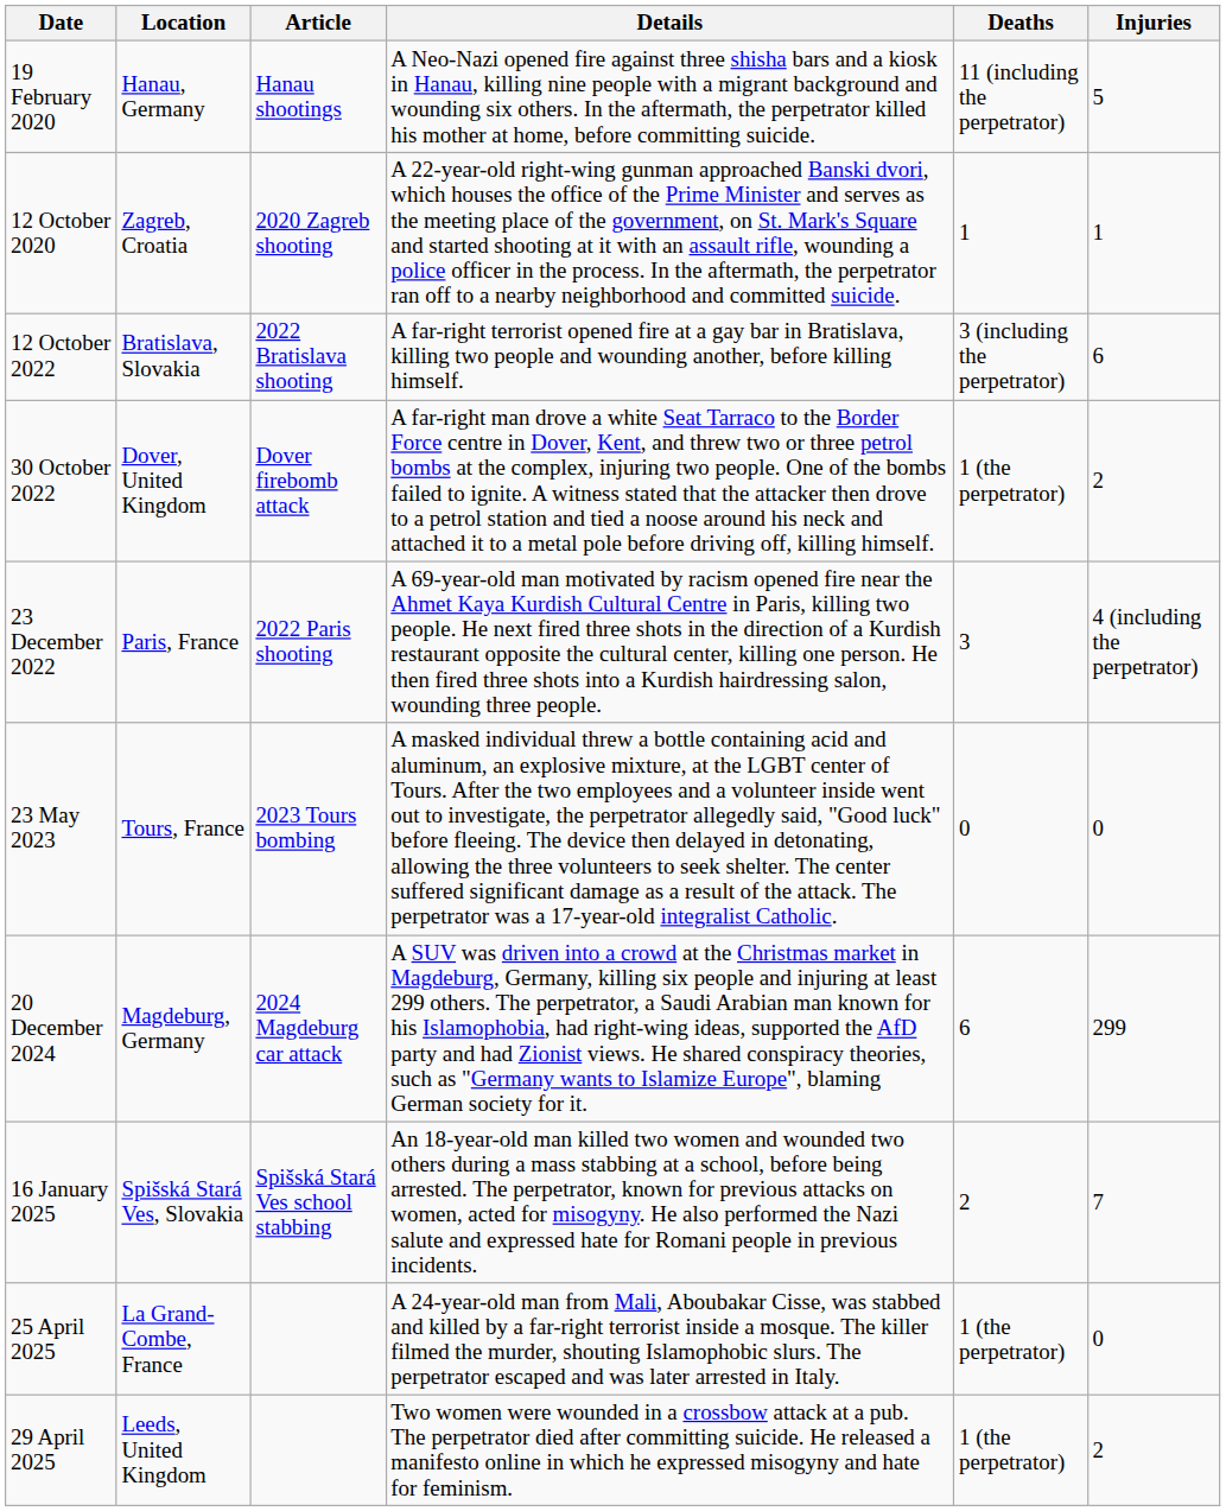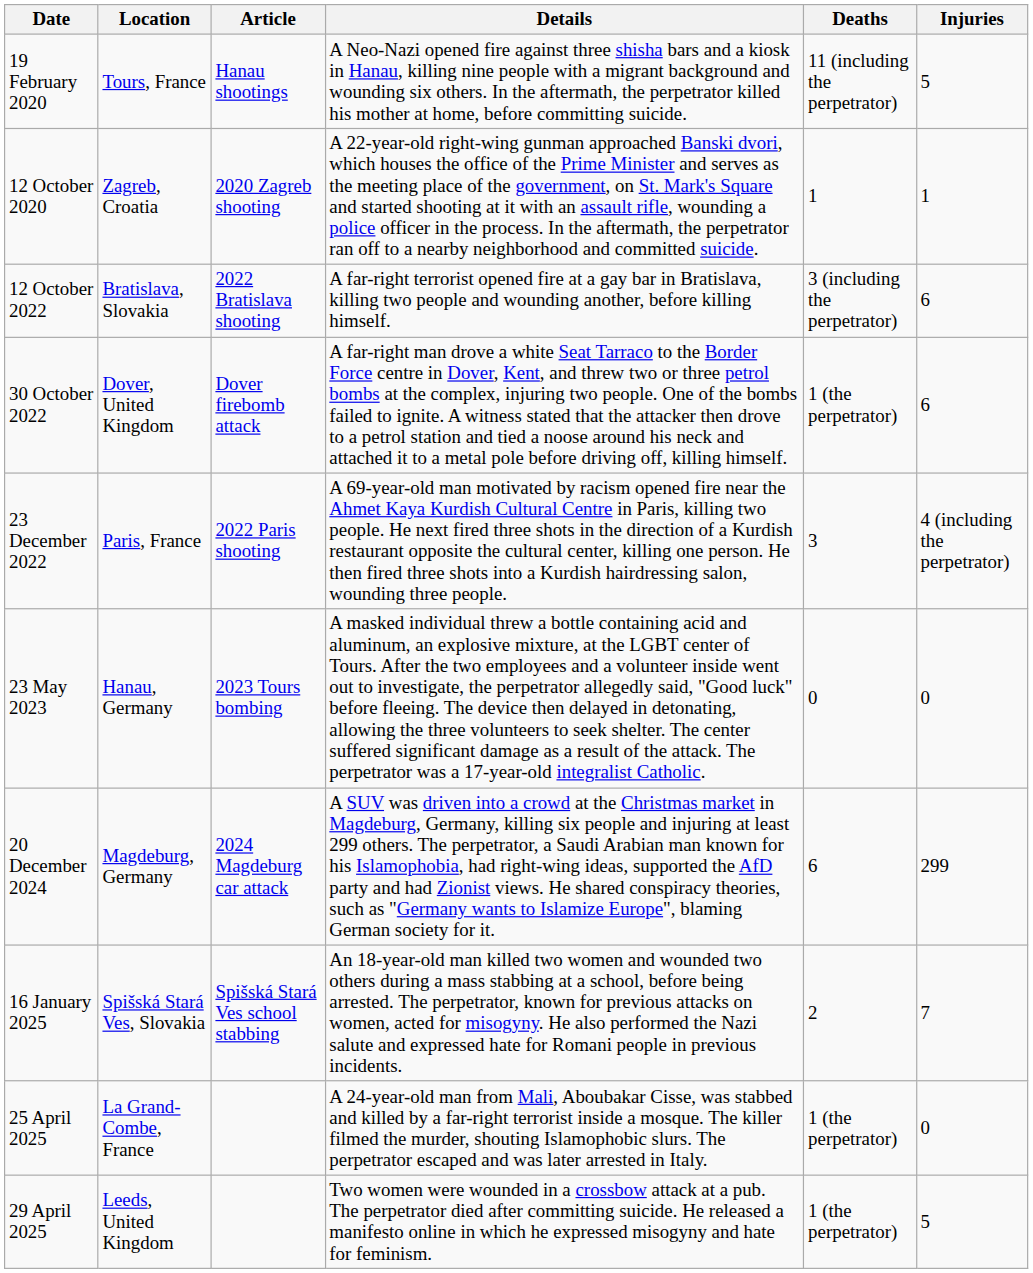 <table class="wikitable ">
 <tr>
 <th>Date</th>
 <th>Location</th>
 <th>Article</th>
 <th>Details</th>
 <th>Deaths</th>
 <th>Injuries</th>
 </tr>
 <tr>
 <td>19 February 2020</td>
-<td> <a href='#'>Hanau</a>, Germany</td>
+<td> <a href='#'>Tours</a>, France</td>
 <td><a href='#'>Hanau shootings</a></td>
 <td>A Neo-Nazi opened fire against three <a href='#'>shisha</a> bars and a kiosk in <a href='#'>Hanau</a>, killing nine people with a migrant background and wounding six others. In the aftermath, the perpetrator killed his mother at home, before committing suicide.</td>
 <td>11 (including the perpetrator)</td>
 <td>5</td>
 </tr>
 <tr>
 <td>12 October 2020</td>
 <td> <a href='#'>Zagreb</a>, Croatia</td>
 <td><a href='#'>2020 Zagreb shooting</a></td>
 <td>A 22-year-old right-wing gunman approached <a href='#'>Banski dvori</a>, which houses the office of the <a href='#'>Prime Minister</a> and serves as the meeting place of the <a href='#'>government</a>, on <a href='#'>St. Mark's Square</a> and started shooting at it with an <a href='#'>assault rifle</a>, wounding a <a href='#'>police</a> officer in the process. In the aftermath, the perpetrator ran off to a nearby neighborhood and committed <a href='#'>suicide</a>.</td>
 <td>1</td>
 <td>1</td>
 </tr>
 <tr>
 <td>12 October 2022</td>
 <td> <a href='#'>Bratislava</a>, Slovakia</td>
 <td><a href='#'>2022 Bratislava shooting</a></td>
 <td>A far-right terrorist opened fire at a gay bar in Bratislava, killing two people and wounding another, before killing himself.</td>
 <td>3 (including the perpetrator)</td>
 <td>6</td>
 </tr>
 <tr>
 <td>30 October 2022</td>
 <td> <a href='#'>Dover</a>, United Kingdom</td>
 <td><a href='#'>Dover firebomb attack</a></td>
 <td>A far-right man drove a white <a href='#'>Seat Tarraco</a> to the <a href='#'>Border Force</a> centre in <a href='#'>Dover</a>, <a href='#'>Kent</a>, and threw two or three <a href='#'>petrol bombs</a> at the complex, injuring two people. One of the bombs failed to ignite. A witness stated that the attacker then drove to a petrol station and tied a noose around his neck and attached it to a metal pole before driving off, killing himself.</td>
 <td>1 (the perpetrator)</td>
-<td>2</td>
+<td>6</td>
 </tr>
 <tr>
 <td>23 December 2022</td>
 <td> <a href='#'>Paris</a>, France</td>
 <td><a href='#'>2022 Paris shooting</a></td>
 <td>A 69-year-old man motivated by racism opened fire near the <a href='#'>Ahmet Kaya Kurdish Cultural Centre</a> in Paris, killing two people. He next fired three shots in the direction of a Kurdish restaurant opposite the cultural center, killing one person. He then fired three shots into a Kurdish hairdressing salon, wounding three people.</td>
 <td>3</td>
 <td>4 (including the perpetrator)</td>
 </tr>
 <tr>
 <td>23 May 2023</td>
-<td> <a href='#'>Tours</a>, France</td>
+<td> <a href='#'>Hanau</a>, Germany</td>
 <td><a href='#'>2023 Tours bombing</a></td>
 <td>A masked individual threw a bottle containing acid and aluminum, an explosive mixture, at the LGBT center of Tours. After the two employees and a volunteer inside went out to investigate, the perpetrator allegedly said, "Good luck" before fleeing. The device then delayed in detonating, allowing the three volunteers to seek shelter. The center suffered significant damage as a result of the attack. The perpetrator was a 17-year-old <a href='#'>integralist Catholic</a>.</td>
 <td>0</td>
 <td>0</td>
 </tr>
 <tr>
 <td>20 December 2024</td>
 <td> <a href='#'>Magdeburg</a>, Germany</td>
 <td><a href='#'>2024 Magdeburg car attack</a></td>
 <td>A <a href='#'>SUV</a> was <a href='#'>driven into a crowd</a> at the <a href='#'>Christmas market</a> in <a href='#'>Magdeburg</a>, Germany, killing six people and injuring at least 299 others. The perpetrator, a Saudi Arabian man known for his <a href='#'>Islamophobia</a>, had right-wing ideas, supported the <a href='#'>AfD</a> party and had <a href='#'>Zionist</a> views. He shared conspiracy theories, such as "<a href='#'>Germany wants to Islamize Europe</a>", blaming German society for it.</td>
 <td>6</td>
 <td>299</td>
 </tr>
 <tr>
 <td>16 January 2025</td>
 <td> <a href='#'>Spišská Stará Ves</a>, Slovakia</td>
 <td><a href='#'>Spišská Stará Ves school stabbing</a></td>
 <td>An 18-year-old man killed two women and wounded two others during a mass stabbing at a school, before being arrested. The perpetrator, known for previous attacks on women, acted for <a href='#'>misogyny</a>. He also performed the Nazi salute and expressed hate for Romani people in previous incidents.</td>
 <td>2</td>
 <td>7</td>
 </tr>
 <tr>
 <td>25 April 2025</td>
 <td> <a href='#'>La Grand-Combe</a>, France</td>
 <td></td>
 <td>A 24-year-old man from <a href='#'>Mali</a>, Aboubakar Cisse, was stabbed and killed by a far-right terrorist inside a mosque. The killer filmed the murder, shouting Islamophobic slurs. The perpetrator escaped and was later arrested in Italy.</td>
 <td>1 (the perpetrator)</td>
 <td>0</td>
 </tr>
 <tr>
 <td>29 April 2025</td>
 <td> <a href='#'>Leeds</a>, United Kingdom</td>
 <td></td>
 <td>Two women were wounded in a <a href='#'>crossbow</a> attack at a pub. The perpetrator died after committing suicide. He released a manifesto online in which he expressed misogyny and hate for feminism.</td>
 <td>1 (the perpetrator)</td>
-<td>2</td>
+<td>5</td>
 </tr>
 </table>
